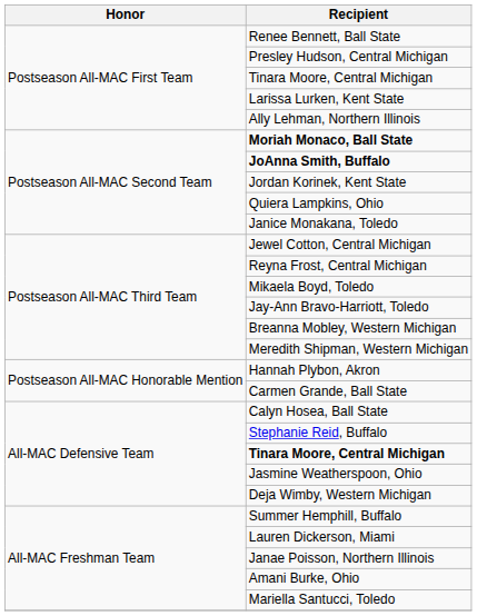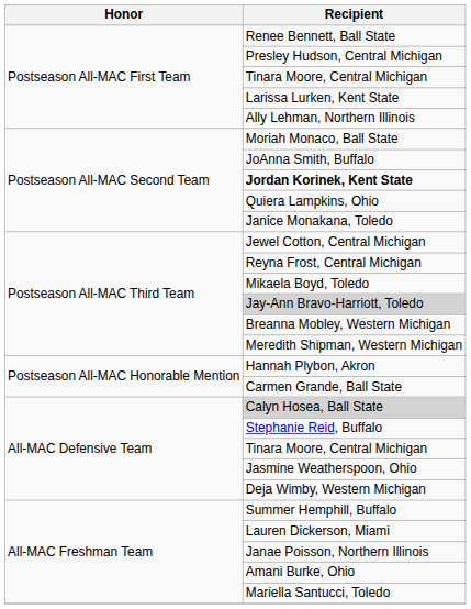 <table class="wikitable" border="1">
 <tr>
 <th>Honor</th>
 <th>Recipient</th>
 </tr>
 <tr>
 <td rowspan=5 valign=middle>Postseason All-MAC First Team</td>
 <td>Renee Bennett, Ball State</td>
 </tr>
 <tr>
 <td>Presley Hudson, Central Michigan</td>
 </tr>
 <tr>
 <td>Tinara Moore, Central Michigan</td>
 </tr>
 <tr>
 <td>Larissa Lurken, Kent State</td>
 </tr>
 <tr>
 <td>Ally Lehman, Northern Illinois</td>
 </tr>
 <tr>
 <td rowspan=5 valign=middle>Postseason All-MAC Second Team</td>
-<td><strong>Moriah Monaco, Ball State</strong></td>
+<td>Moriah Monaco, Ball State</td>
 </tr>
 <tr>
-<td><strong>JoAnna Smith, Buffalo</strong></td>
+<td>JoAnna Smith, Buffalo</td>
 </tr>
 <tr>
-<td>Jordan Korinek, Kent State</td>
+<td><strong>Jordan Korinek, Kent State</strong></td>
 </tr>
 <tr>
 <td>Quiera Lampkins, Ohio</td>
 </tr>
 <tr>
 <td>Janice Monakana, Toledo</td>
 </tr>
 <tr>
 <td rowspan=6 valign=middle>Postseason All-MAC Third Team</td>
 <td>Jewel Cotton, Central Michigan</td>
 </tr>
 <tr>
 <td>Reyna Frost, Central Michigan</td>
 </tr>
 <tr>
 <td>Mikaela Boyd, Toledo</td>
 </tr>
 <tr>
-<td>Jay-Ann Bravo-Harriott, Toledo</td>
+<td style="background: lightgrey;">Jay-Ann Bravo-Harriott, Toledo</td>
 </tr>
 <tr>
 <td>Breanna Mobley, Western Michigan</td>
 </tr>
 <tr>
 <td>Meredith Shipman, Western Michigan</td>
 </tr>
 <tr>
 <td rowspan=2 valign=middle>Postseason All-MAC Honorable Mention</td>
 <td>Hannah Plybon, Akron</td>
 </tr>
 <tr>
 <td>Carmen Grande, Ball State</td>
 </tr>
 <tr>
 <td rowspan=5 valign=middle>All-MAC Defensive Team</td>
-<td>Calyn Hosea, Ball State</td>
+<td style="background: lightgrey;">Calyn Hosea, Ball State</td>
 </tr>
 <tr>
 <td><a href='#'>Stephanie Reid</a>, Buffalo</td>
 </tr>
 <tr>
-<td><strong>Tinara Moore, Central Michigan</strong></td>
+<td>Tinara Moore, Central Michigan</td>
 </tr>
 <tr>
 <td>Jasmine Weatherspoon, Ohio</td>
 </tr>
 <tr>
 <td>Deja Wimby, Western Michigan</td>
 </tr>
 <tr>
 <td rowspan=5 valign=middle>All-MAC Freshman Team</td>
 <td>Summer Hemphill, Buffalo</td>
 </tr>
 <tr>
 <td>Lauren Dickerson, Miami</td>
 </tr>
 <tr>
 <td>Janae Poisson, Northern Illinois</td>
 </tr>
 <tr>
 <td>Amani Burke, Ohio</td>
 </tr>
 <tr>
 <td>Mariella Santucci, Toledo</td>
 </tr>
 <tr>
 </tr>
 </table>
